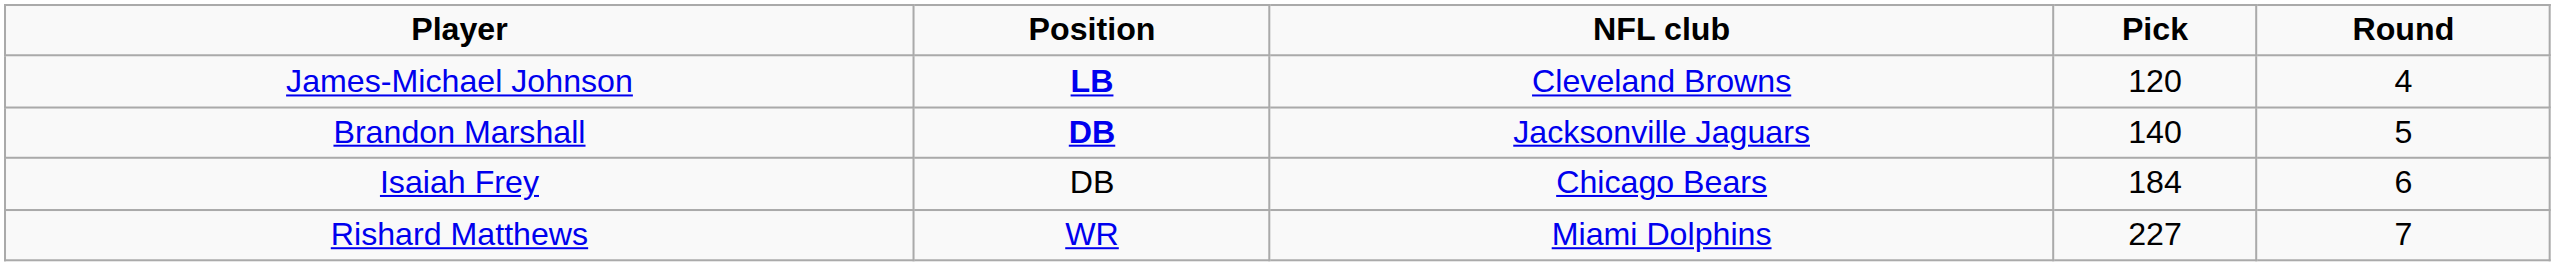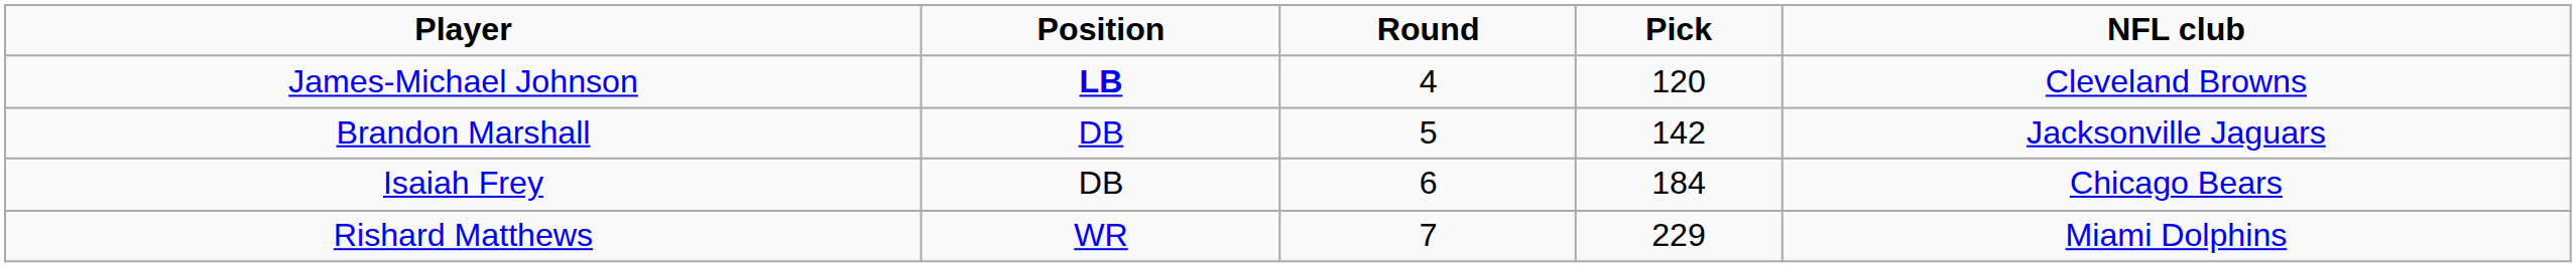 <table class="wikitable" width="80%">
 <tr align="center">
 <td><strong>Player</strong></td>
 <td><strong>Position</strong></td>
+<td><strong>Round</strong></td>
+<td><strong>Pick</strong></td>
 <td><strong>NFL club</strong></td>
-<td><strong>Pick</strong></td>
-<td><strong>Round</strong></td>
 </tr>
 <tr align="center" bgcolor="">
 <td><a href='#'>James-Michael Johnson</a></td>
 <td><strong><a href='#'>LB</a></strong></td>
+<td>4</td>
+<td>120</td>
 <td><a href='#'>Cleveland Browns</a></td>
-<td>120</td>
-<td>4</td>
 </tr>
 <tr align="center" bgcolor="">
 <td><a href='#'>Brandon Marshall</a></td>
-<td><strong><a href='#'>DB</a></strong></td>
+<td><a href='#'>DB</a></td>
+<td>5</td>
+<td>142</td>
 <td><a href='#'>Jacksonville Jaguars</a></td>
-<td>140</td>
-<td>5</td>
 </tr>
 <tr align="center" bgcolor="">
 <td><a href='#'>Isaiah Frey</a></td>
 <td>DB</td>
+<td>6</td>
+<td>184</td>
 <td><a href='#'>Chicago Bears</a></td>
-<td>184</td>
-<td>6</td>
 </tr>
 <tr align="center" bgcolor="">
 <td><a href='#'>Rishard Matthews</a></td>
 <td><a href='#'>WR</a></td>
+<td>7</td>
+<td>229</td>
 <td><a href='#'>Miami Dolphins</a></td>
-<td>227</td>
-<td>7</td>
 </tr>
 </table>
